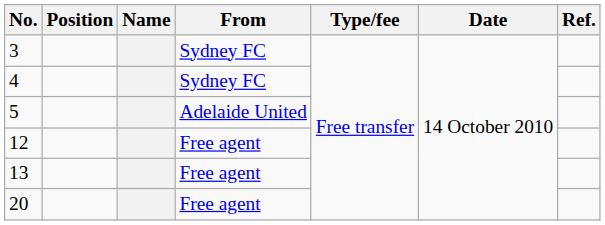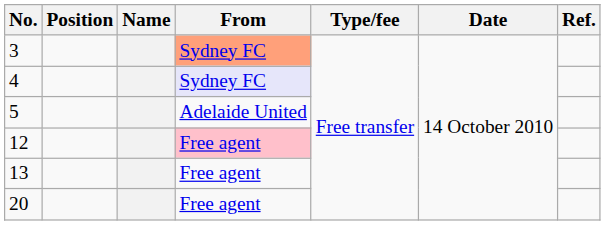 <table class="wikitable plainrowheaders sortable" style="text-align:center; text-align:left">
 <tr>
 <th>No.</th>
 <th>Position</th>
 <th>Name</th>
 <th>From</th>
 <th>Type/fee</th>
 <th>Date</th>
 <th>Ref.</th>
 </tr>
 <tr>
 <td>3</td>
 <td></td>
 <th scope="row"></th>
-<td><a href='#'>Sydney FC</a></td>
+<td style="background: lightsalmon;"><a href='#'>Sydney FC</a></td>
 <td rowspan="6"><a href='#'>Free transfer</a></td>
 <td rowspan="6">14 October 2010</td>
 <td></td>
 </tr>
 <tr>
 <td>4</td>
 <td></td>
 <th scope="row"></th>
-<td><a href='#'>Sydney FC</a></td>
+<td style="background: lavender;"><a href='#'>Sydney FC</a></td>
 <td></td>
 </tr>
 <tr>
 <td>5</td>
 <td></td>
 <th scope="row"></th>
 <td><a href='#'>Adelaide United</a></td>
 <td></td>
 </tr>
 <tr>
 <td>12</td>
 <td></td>
 <th scope="row"></th>
-<td><a href='#'>Free agent</a></td>
+<td style="background: pink;"><a href='#'>Free agent</a></td>
 <td></td>
 </tr>
 <tr>
 <td>13</td>
 <td></td>
 <th scope="row"></th>
 <td><a href='#'>Free agent</a></td>
 <td></td>
 </tr>
 <tr>
 <td>20</td>
 <td></td>
 <th scope="row"></th>
 <td><a href='#'>Free agent</a></td>
 <td></td>
 </tr>
 </table>
